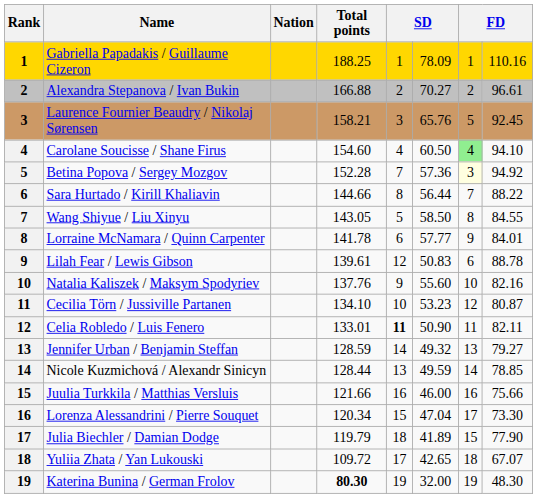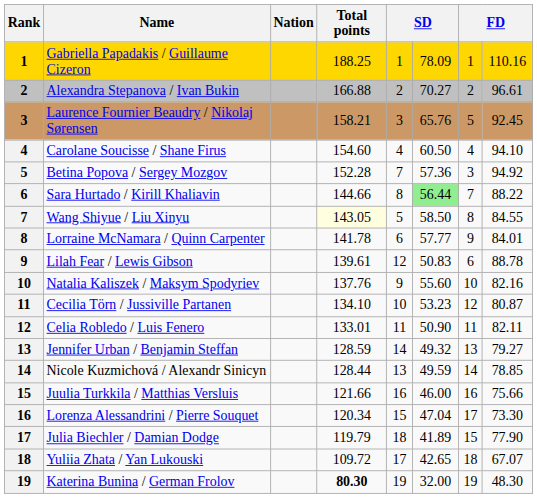 <table class="wikitable sortable">
 <tr>
 <th>Rank</th>
 <th>Name</th>
 <th>Nation</th>
 <th>Total points</th>
 <th colspan="2" width="80px"><a href='#'>SD</a></th>
 <th colspan="2" width="80px"><a href='#'>FD</a></th>
 </tr>
 <tr bgcolor="gold">
 <td align="center"><strong>1</strong></td>
 <td><a href='#'>Gabriella Papadakis</a> / <a href='#'>Guillaume Cizeron</a></td>
 <td></td>
 <td align="center">188.25</td>
 <td align="center">1</td>
 <td align="center">78.09</td>
 <td align="center">1</td>
 <td align="center">110.16</td>
 </tr>
 <tr bgcolor="silver">
 <td align="center"><strong>2</strong></td>
 <td><a href='#'>Alexandra Stepanova</a> / <a href='#'>Ivan Bukin</a></td>
 <td></td>
 <td align="center">166.88</td>
 <td align="center">2</td>
 <td align="center">70.27</td>
 <td align="center">2</td>
 <td align="center">96.61</td>
 </tr>
 <tr bgcolor="cc9966">
 <td align="center"><strong>3</strong></td>
 <td><a href='#'>Laurence Fournier Beaudry</a> / <a href='#'>Nikolaj Sørensen</a></td>
 <td></td>
 <td align="center">158.21</td>
 <td align="center">3</td>
 <td align="center">65.76</td>
 <td align="center">5</td>
 <td align="center">92.45</td>
 </tr>
 <tr>
 <th>4</th>
 <td><a href='#'>Carolane Soucisse</a> / <a href='#'>Shane Firus</a></td>
 <td></td>
 <td align="center">154.60</td>
 <td align="center">4</td>
 <td align="center">60.50</td>
-<td align="center" style="background: lightgreen;">4</td>
+<td align="center">4</td>
 <td align="center">94.10</td>
 </tr>
 <tr>
 <th>5</th>
 <td><a href='#'>Betina Popova</a> / <a href='#'>Sergey Mozgov</a></td>
 <td></td>
 <td align="center">152.28</td>
 <td align="center">7</td>
 <td align="center">57.36</td>
-<td align="center" style="background: lightyellow;">3</td>
+<td align="center">3</td>
 <td align="center">94.92</td>
 </tr>
 <tr>
 <th>6</th>
 <td><a href='#'>Sara Hurtado</a> / <a href='#'>Kirill Khaliavin</a></td>
 <td></td>
 <td align="center">144.66</td>
 <td align="center">8</td>
-<td align="center">56.44</td>
+<td align="center" style="background: lightgreen;">56.44</td>
 <td align="center">7</td>
 <td align="center">88.22</td>
 </tr>
 <tr>
 <th>7</th>
 <td><a href='#'>Wang Shiyue</a> / <a href='#'>Liu Xinyu</a></td>
 <td></td>
-<td align="center">143.05</td>
+<td align="center" style="background: lightyellow;">143.05</td>
 <td align="center">5</td>
 <td align="center">58.50</td>
 <td align="center">8</td>
 <td align="center">84.55</td>
 </tr>
 <tr>
 <th>8</th>
 <td><a href='#'>Lorraine McNamara</a> / <a href='#'>Quinn Carpenter</a></td>
 <td></td>
 <td align="center">141.78</td>
 <td align="center">6</td>
 <td align="center">57.77</td>
 <td align="center">9</td>
 <td align="center">84.01</td>
 </tr>
 <tr>
 <th>9</th>
 <td><a href='#'>Lilah Fear</a> / <a href='#'>Lewis Gibson</a></td>
 <td></td>
 <td align="center">139.61</td>
 <td align="center">12</td>
 <td align="center">50.83</td>
 <td align="center">6</td>
 <td align="center">88.78</td>
 </tr>
 <tr>
 <th>10</th>
 <td><a href='#'>Natalia Kaliszek</a> / <a href='#'>Maksym Spodyriev</a></td>
 <td></td>
 <td align="center">137.76</td>
 <td align="center">9</td>
 <td align="center">55.60</td>
 <td align="center">10</td>
 <td align="center">82.16</td>
 </tr>
 <tr>
 <th>11</th>
 <td><a href='#'>Cecilia Törn</a> / <a href='#'>Jussiville Partanen</a></td>
 <td></td>
 <td align="center">134.10</td>
 <td align="center">10</td>
 <td align="center">53.23</td>
 <td align="center">12</td>
 <td align="center">80.87</td>
 </tr>
 <tr>
 <th>12</th>
 <td><a href='#'>Celia Robledo</a> / <a href='#'>Luis Fenero</a></td>
 <td></td>
 <td align="center">133.01</td>
-<td align="center"><strong>11</strong></td>
+<td align="center">11</td>
 <td align="center">50.90</td>
 <td align="center">11</td>
 <td align="center">82.11</td>
 </tr>
 <tr>
 <th>13</th>
 <td><a href='#'>Jennifer Urban</a> / <a href='#'>Benjamin Steffan</a></td>
 <td></td>
 <td align="center">128.59</td>
 <td align="center">14</td>
 <td align="center">49.32</td>
 <td align="center">13</td>
 <td align="center">79.27</td>
 </tr>
 <tr>
 <th>14</th>
 <td>Nicole Kuzmichová / Alexandr Sinicyn</td>
 <td></td>
 <td align="center">128.44</td>
 <td align="center">13</td>
 <td align="center">49.59</td>
 <td align="center">14</td>
 <td align="center">78.85</td>
 </tr>
 <tr>
 <th>15</th>
 <td><a href='#'>Juulia Turkkila</a> / <a href='#'>Matthias Versluis</a></td>
 <td></td>
 <td align="center">121.66</td>
 <td align="center">16</td>
 <td align="center">46.00</td>
 <td align="center">16</td>
 <td align="center">75.66</td>
 </tr>
 <tr>
 <th>16</th>
 <td><a href='#'>Lorenza Alessandrini</a> / <a href='#'>Pierre Souquet</a></td>
 <td></td>
 <td align="center">120.34</td>
 <td align="center">15</td>
 <td align="center">47.04</td>
 <td align="center">17</td>
 <td align="center">73.30</td>
 </tr>
 <tr>
 <th>17</th>
 <td><a href='#'>Julia Biechler</a> / <a href='#'>Damian Dodge</a></td>
 <td></td>
 <td align="center">119.79</td>
 <td align="center">18</td>
 <td align="center">41.89</td>
 <td align="center">15</td>
 <td align="center">77.90</td>
 </tr>
 <tr>
 <th>18</th>
 <td><a href='#'>Yuliia Zhata</a> / <a href='#'>Yan Lukouski</a></td>
 <td></td>
 <td align="center">109.72</td>
 <td align="center">17</td>
 <td align="center">42.65</td>
 <td align="center">18</td>
 <td align="center">67.07</td>
 </tr>
 <tr>
 <th>19</th>
 <td><a href='#'>Katerina Bunina</a> / <a href='#'>German Frolov</a></td>
 <td></td>
 <td align="center"><strong>80.30</strong></td>
 <td align="center">19</td>
 <td align="center">32.00</td>
 <td align="center">19</td>
 <td align="center">48.30</td>
 </tr>
 </table>
